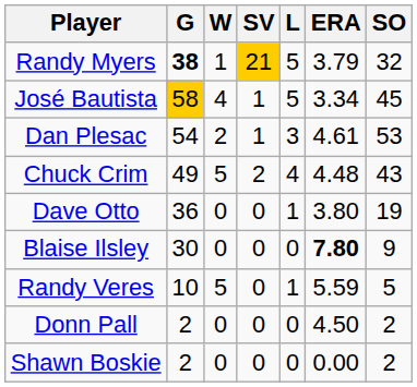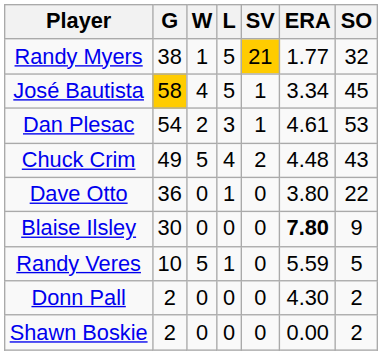 <table class="wikitable sortable" style="text-align:center">
 <tr>
 <th>Player</th>
 <th>G</th>
 <th>W</th>
+<th>L</th>
 <th>SV</th>
-<th>L</th>
 <th>ERA</th>
 <th>SO</th>
 </tr>
 <tr>
 <td><a href='#'>Randy Myers</a></td>
-<td><strong>38</strong></td>
+<td>38</td>
 <td>1</td>
+<td>5</td>
 <td style="background:#fc0;">21</td>
-<td>5</td>
-<td>3.79</td>
+<td>1.77</td>
 <td>32</td>
 </tr>
 <tr>
 <td><a href='#'>José Bautista</a></td>
 <td style="background:#fc0;">58</td>
 <td>4</td>
+<td>5</td>
 <td>1</td>
-<td>5</td>
 <td>3.34</td>
 <td>45</td>
 </tr>
 <tr>
 <td><a href='#'>Dan Plesac</a></td>
 <td>54</td>
 <td>2</td>
+<td>3</td>
 <td>1</td>
-<td>3</td>
 <td>4.61</td>
 <td>53</td>
 </tr>
 <tr>
 <td><a href='#'>Chuck Crim</a></td>
 <td>49</td>
 <td>5</td>
+<td>4</td>
 <td>2</td>
-<td>4</td>
 <td>4.48</td>
 <td>43</td>
 </tr>
 <tr>
 <td><a href='#'>Dave Otto</a></td>
 <td>36</td>
 <td>0</td>
+<td>1</td>
 <td>0</td>
-<td>1</td>
 <td>3.80</td>
-<td>19</td>
+<td>22</td>
 </tr>
 <tr>
 <td><a href='#'>Blaise Ilsley</a></td>
 <td>30</td>
 <td>0</td>
 <td>0</td>
 <td>0</td>
 <td><strong>7.80</strong></td>
 <td>9</td>
 </tr>
 <tr>
 <td><a href='#'>Randy Veres</a></td>
 <td>10</td>
 <td>5</td>
+<td>1</td>
 <td>0</td>
-<td>1</td>
 <td>5.59</td>
 <td>5</td>
 </tr>
 <tr>
 <td><a href='#'>Donn Pall</a></td>
 <td>2</td>
 <td>0</td>
 <td>0</td>
 <td>0</td>
-<td>4.50</td>
+<td>4.30</td>
 <td>2</td>
 </tr>
 <tr>
 <td><a href='#'>Shawn Boskie</a></td>
 <td>2</td>
 <td>0</td>
 <td>0</td>
 <td>0</td>
 <td>0.00</td>
 <td>2</td>
 </tr>
 </table>
